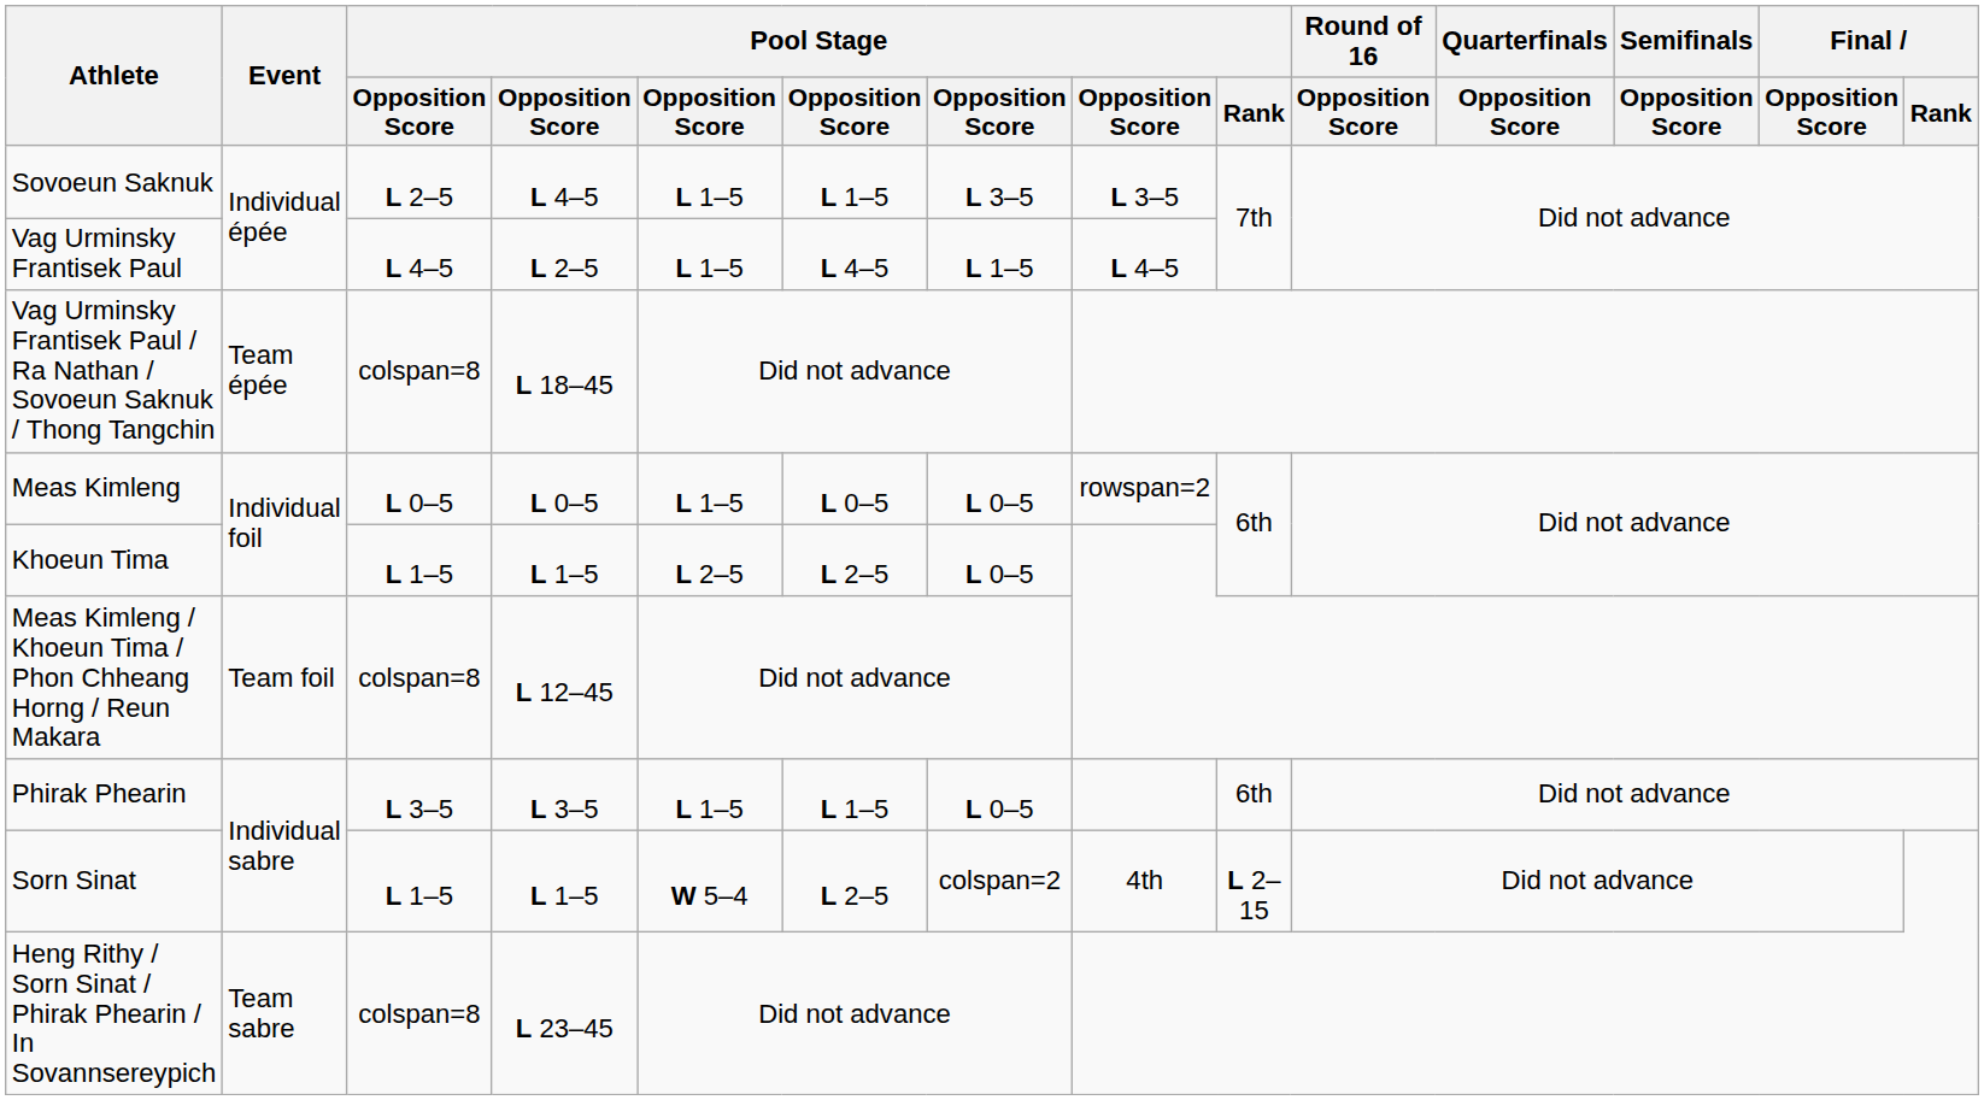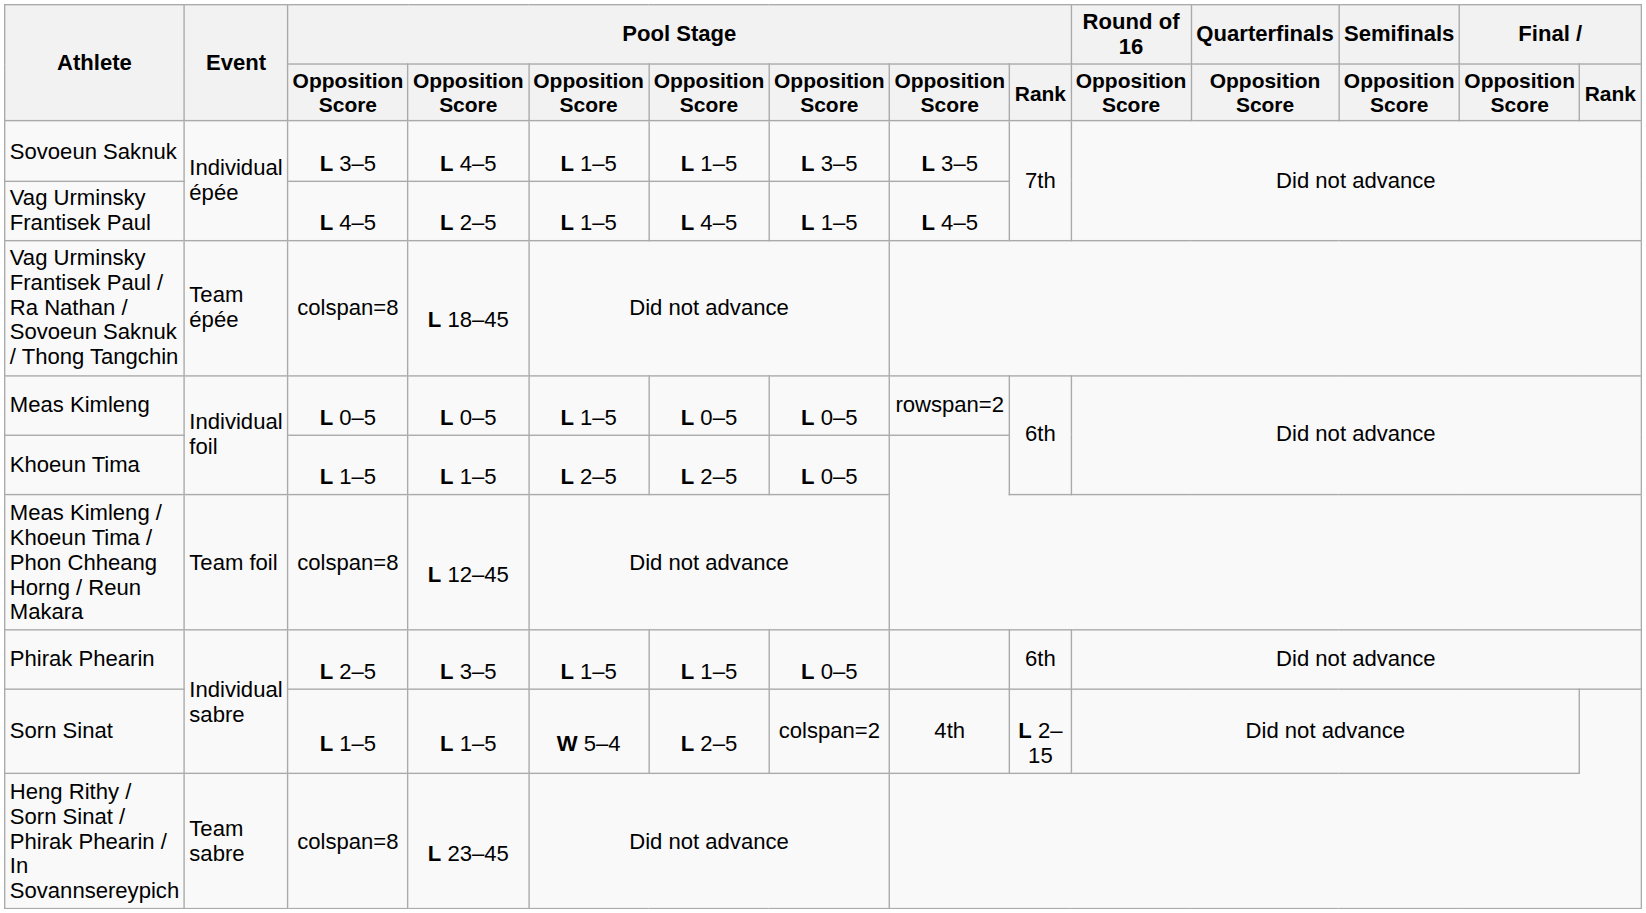 <table class="wikitable" style="font-size:90">
 <tr>
 <th rowspan=2>Athlete</th>
 <th rowspan=2>Event</th>
 <th colspan=7>Pool Stage</th>
 <th>Round of 16</th>
 <th>Quarterfinals</th>
 <th>Semifinals</th>
 <th colspan=2>Final / </th>
 </tr>
 <tr style="font-size:95%">
 <th>Opposition<br>Score</th>
 <th>Opposition<br>Score</th>
 <th>Opposition<br>Score</th>
 <th>Opposition<br>Score</th>
 <th>Opposition<br>Score</th>
 <th>Opposition<br>Score</th>
 <th>Rank</th>
 <th>Opposition<br>Score</th>
 <th>Opposition<br>Score</th>
 <th>Opposition<br>Score</th>
 <th>Opposition<br>Score</th>
 <th>Rank</th>
 </tr>
 <tr align=center>
 <td align=left>Sovoeun Saknuk</td>
 <td rowspan=2 align=left>Individual épée</td>
-<td><br><strong>L</strong> 2–5</td>
+<td><br><strong>L</strong> 3–5</td>
 <td><br><strong>L</strong> 4–5</td>
 <td><br><strong>L</strong> 1–5</td>
 <td><br><strong>L</strong> 1–5</td>
 <td><br><strong>L</strong> 3–5</td>
 <td><br><strong>L</strong> 3–5</td>
 <td rowspan=2>7th</td>
 <td rowspan=2 colspan=5>Did not advance</td>
 </tr>
 <tr align=center>
 <td align=left>Vag Urminsky Frantisek Paul</td>
 <td><br><strong>L</strong> 4–5</td>
 <td><br><strong>L</strong> 2–5</td>
 <td><br><strong>L</strong> 1–5</td>
 <td><br><strong>L</strong> 4–5</td>
 <td><br><strong>L</strong> 1–5</td>
 <td><br><strong>L</strong> 4–5</td>
 </tr>
 <tr align=center>
 <td align=left>Vag Urminsky Frantisek Paul / Ra Nathan /<br>Sovoeun Saknuk / Thong Tangchin</td>
 <td align=left>Team épée</td>
 <td>colspan=8 </td>
 <td><br><strong>L</strong> 18–45</td>
 <td colspan=3>Did not advance</td>
 </tr>
 <tr align=center>
 <td align=left>Meas Kimleng</td>
 <td rowspan=2 align=left>Individual foil</td>
 <td><br><strong>L</strong> 0–5</td>
 <td><br><strong>L</strong> 0–5</td>
 <td><br><strong>L</strong> 1–5</td>
 <td><br><strong>L</strong> 0–5</td>
 <td><br><strong>L</strong> 0–5</td>
 <td>rowspan=2 </td>
 <td rowspan=2>6th</td>
 <td rowspan=2 colspan=5>Did not advance</td>
 </tr>
 <tr align=center>
 <td align=left>Khoeun Tima</td>
 <td><br><strong>L</strong> 1–5</td>
 <td><br><strong>L</strong> 1–5</td>
 <td><br><strong>L</strong> 2–5</td>
 <td><br><strong>L</strong> 2–5</td>
 <td><br><strong>L</strong> 0–5</td>
 </tr>
 <tr align=center>
 <td align=left>Meas Kimleng / Khoeun Tima /<br>Phon Chheang Horng / Reun Makara</td>
 <td align=left>Team foil</td>
 <td>colspan=8 </td>
 <td><br><strong>L</strong> 12–45</td>
 <td colspan=3>Did not advance</td>
 </tr>
 <tr align=center>
 <td align=left>Phirak Phearin</td>
 <td rowspan=2 align=left>Individual sabre</td>
-<td><br><strong>L</strong> 3–5</td>
+<td><br><strong>L</strong> 2–5</td>
 <td><br><strong>L</strong> 3–5</td>
 <td><br><strong>L</strong> 1–5</td>
 <td><br><strong>L</strong> 1–5</td>
 <td><br><strong>L</strong> 0–5</td>
 <td></td>
 <td>6th</td>
 <td colspan=5>Did not advance</td>
 </tr>
 <tr align=center>
 <td align=left>Sorn Sinat</td>
 <td><br><strong>L</strong> 1–5</td>
 <td><br><strong>L</strong> 1–5</td>
 <td><br><strong>W</strong> 5–4</td>
 <td><br><strong>L</strong> 2–5</td>
 <td>colspan=2 </td>
 <td>4th</td>
 <td><br><strong>L</strong> 2–15</td>
 <td colspan=4>Did not advance</td>
 </tr>
 <tr align=center>
 <td align=left>Heng Rithy / Sorn Sinat /<br>Phirak Phearin / In Sovannsereypich</td>
 <td align=left>Team sabre</td>
 <td>colspan=8 </td>
 <td><br><strong>L</strong> 23–45</td>
 <td colspan=3>Did not advance</td>
 </tr>
 </table>
